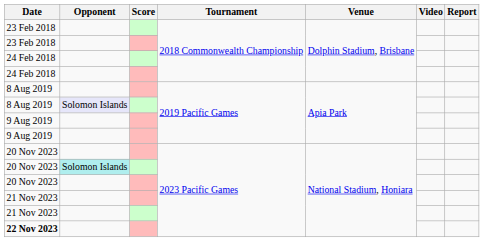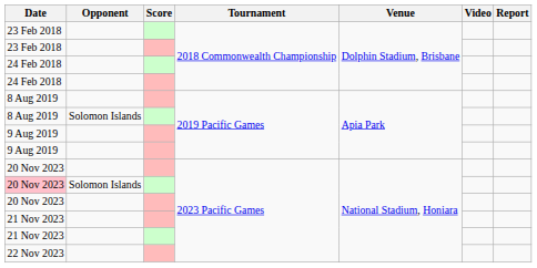 <table class=wikitable>
 <tr>
 <th>Date</th>
 <th>Opponent</th>
 <th>Score</th>
 <th>Tournament</th>
 <th>Venue</th>
 <th>Video</th>
 <th>Report</th>
 </tr>
 <tr>
 <td>23 Feb 2018</td>
 <td></td>
 <td bgcolor="#CCFFCC"></td>
 <td rowspan=4><a href='#'>2018 Commonwealth Championship</a></td>
 <td rowspan=4> <a href='#'>Dolphin Stadium</a>, <a href='#'>Brisbane</a></td>
 <td></td>
 <td align=center></td>
 </tr>
 <tr>
 <td>23 Feb 2018</td>
 <td></td>
 <td bgcolor="#FFBBBB"></td>
 <td></td>
 <td></td>
 </tr>
 <tr>
 <td>24 Feb 2018</td>
 <td></td>
 <td bgcolor="#CCFFCC"></td>
 <td></td>
 <td align=center></td>
 </tr>
 <tr>
 <td>24 Feb 2018</td>
 <td></td>
 <td bgcolor="#FFBBBB"></td>
 <td></td>
 <td></td>
 </tr>
 <tr>
 <td>8 Aug 2019</td>
 <td></td>
 <td bgcolor="#FFBBBB"></td>
 <td rowspan=4><a href='#'>2019 Pacific Games</a></td>
 <td rowspan=4> <a href='#'>Apia Park</a></td>
 <td></td>
 <td align=center></td>
 </tr>
 <tr>
 <td>8 Aug 2019</td>
-<td style="background: lavender;"> Solomon Islands</td>
+<td> Solomon Islands</td>
 <td bgcolor="#CCFFCC"></td>
 <td></td>
 <td></td>
 </tr>
 <tr>
 <td>9 Aug 2019</td>
 <td></td>
 <td bgcolor="#FFBBBB"></td>
 <td></td>
 <td></td>
 </tr>
 <tr>
 <td>9 Aug 2019</td>
 <td></td>
 <td bgcolor="#FFBBBB"></td>
 <td align=center></td>
 <td align=center></td>
 </tr>
 <tr>
 <td>20 Nov 2023</td>
 <td></td>
 <td bgcolor="#FFBBBB"></td>
 <td rowspan=6><a href='#'>2023 Pacific Games</a></td>
 <td rowspan=6> <a href='#'>National Stadium</a>, <a href='#'>Honiara</a></td>
 <td></td>
 <td></td>
 </tr>
 <tr>
-<td>20 Nov 2023</td>
-<td style="background: paleturquoise;"> Solomon Islands</td>
+<td style="background: pink;">20 Nov 2023</td>
+<td> Solomon Islands</td>
 <td bgcolor="#CCFFCC"></td>
 <td align=center></td>
 <td align=center></td>
 </tr>
 <tr>
 <td>20 Nov 2023</td>
 <td></td>
 <td bgcolor="#FFBBBB"></td>
 <td></td>
 <td></td>
 </tr>
 <tr>
 <td>21 Nov 2023</td>
 <td></td>
 <td bgcolor="#FFBBBB"></td>
 <td></td>
 <td align=center></td>
 </tr>
 <tr>
 <td>21 Nov 2023</td>
 <td></td>
 <td bgcolor="#CCFFCC"></td>
 <td></td>
 <td></td>
 </tr>
 <tr>
-<td><strong>22 Nov 2023</strong></td>
+<td>22 Nov 2023</td>
 <td></td>
 <td bgcolor="#FFBBBB"></td>
 <td></td>
 <td align=center></td>
 </tr>
 </table>
